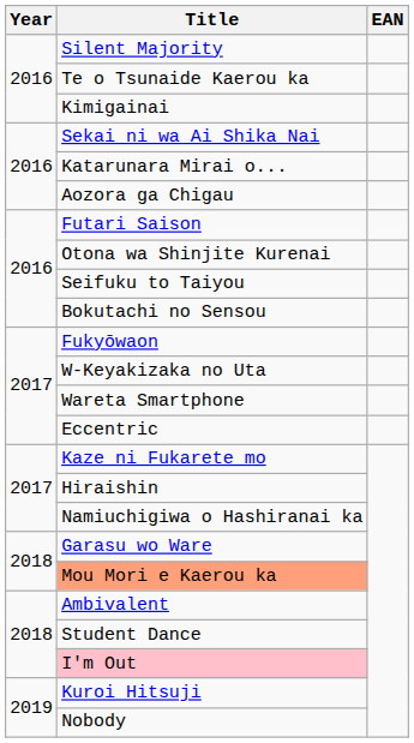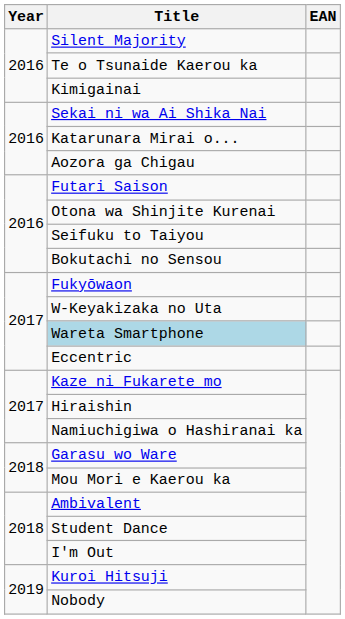 <table class="wikitable">
 <tr>
 <th>Year</th>
 <th>Title</th>
 <th>EAN</th>
 </tr>
 <tr>
 <td rowspan="3">2016</td>
 <td><a href='#'>Silent Majority</a></td>
 <td></td>
 </tr>
 <tr>
 <td>Te o Tsunaide Kaerou ka</td>
 <td></td>
 </tr>
 <tr>
 <td>Kimigainai</td>
 <td></td>
 </tr>
 <tr>
 <td rowspan="3">2016</td>
 <td><a href='#'>Sekai ni wa Ai Shika Nai</a></td>
 <td></td>
 </tr>
 <tr>
 <td>Katarunara Mirai o...</td>
 <td></td>
 </tr>
 <tr>
 <td>Aozora ga Chigau</td>
 <td></td>
 </tr>
 <tr>
 <td rowspan="4">2016</td>
 <td><a href='#'>Futari Saison</a></td>
 <td></td>
 </tr>
 <tr>
 <td>Otona wa Shinjite Kurenai</td>
 <td></td>
 </tr>
 <tr>
 <td>Seifuku to Taiyou</td>
 <td></td>
 </tr>
 <tr>
 <td>Bokutachi no Sensou</td>
 <td></td>
 </tr>
 <tr>
 <td rowspan="4">2017</td>
 <td><a href='#'>Fukyōwaon</a></td>
 <td></td>
 </tr>
 <tr>
 <td>W-Keyakizaka no Uta</td>
 <td></td>
 </tr>
 <tr>
-<td>Wareta Smartphone</td>
+<td style="background: lightblue;">Wareta Smartphone</td>
 <td></td>
 </tr>
 <tr>
 <td>Eccentric</td>
 <td></td>
 </tr>
 <tr>
 <td rowspan="3">2017</td>
 <td><a href='#'>Kaze ni Fukarete mo</a></td>
 </tr>
 <tr>
 <td>Hiraishin</td>
 </tr>
 <tr>
 <td>Namiuchigiwa o Hashiranai ka</td>
 </tr>
 <tr>
 <td rowspan="2">2018</td>
 <td><a href='#'>Garasu wo Ware</a></td>
 </tr>
 <tr>
-<td style="background: lightsalmon;">Mou Mori e Kaerou ka</td>
+<td>Mou Mori e Kaerou ka</td>
 </tr>
 <tr>
 <td rowspan="3">2018</td>
 <td><a href='#'>Ambivalent</a></td>
 </tr>
 <tr>
 <td>Student Dance</td>
 </tr>
 <tr>
-<td style="background: pink;">I'm Out</td>
+<td>I'm Out</td>
 </tr>
 <tr>
 <td rowspan="2">2019</td>
 <td><a href='#'>Kuroi Hitsuji</a></td>
 </tr>
 <tr>
 <td>Nobody</td>
 </tr>
 </table>
